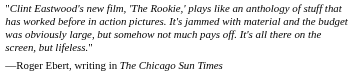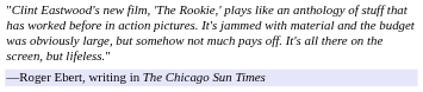 <table class="toccolours" style="float: right; margin-left: 1em; margin-right: 2em; font-size: 85%; color:black; width:40em; max-width: 35%;" cellspacing="5">
 <tr>
 <td style="text-align: left;">"<em>Clint Eastwood's new film, 'The Rookie,' plays like an anthology of stuff that has worked before in action pictures. It's jammed with material and the budget was obviously large, but somehow not much pays off. It's all there on the screen, but lifeless.</em>"</td>
 </tr>
 <tr>
-<td style="text-align: left;">—Roger Ebert, writing in <em>The Chicago Sun Times</em></td>
+<td style="background: lavender; text-align: left;">—Roger Ebert, writing in <em>The Chicago Sun Times</em></td>
 </tr>
 </table>
